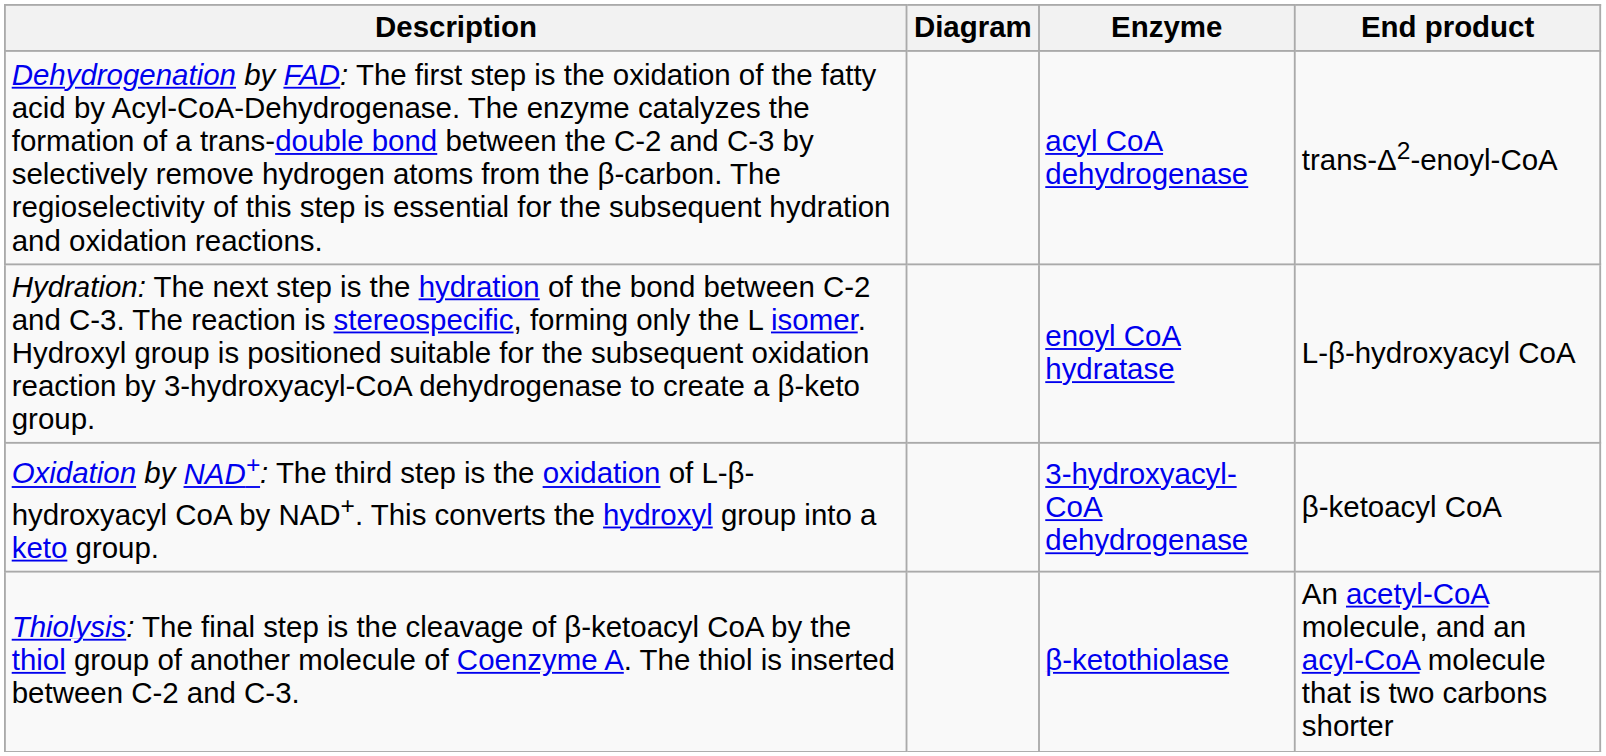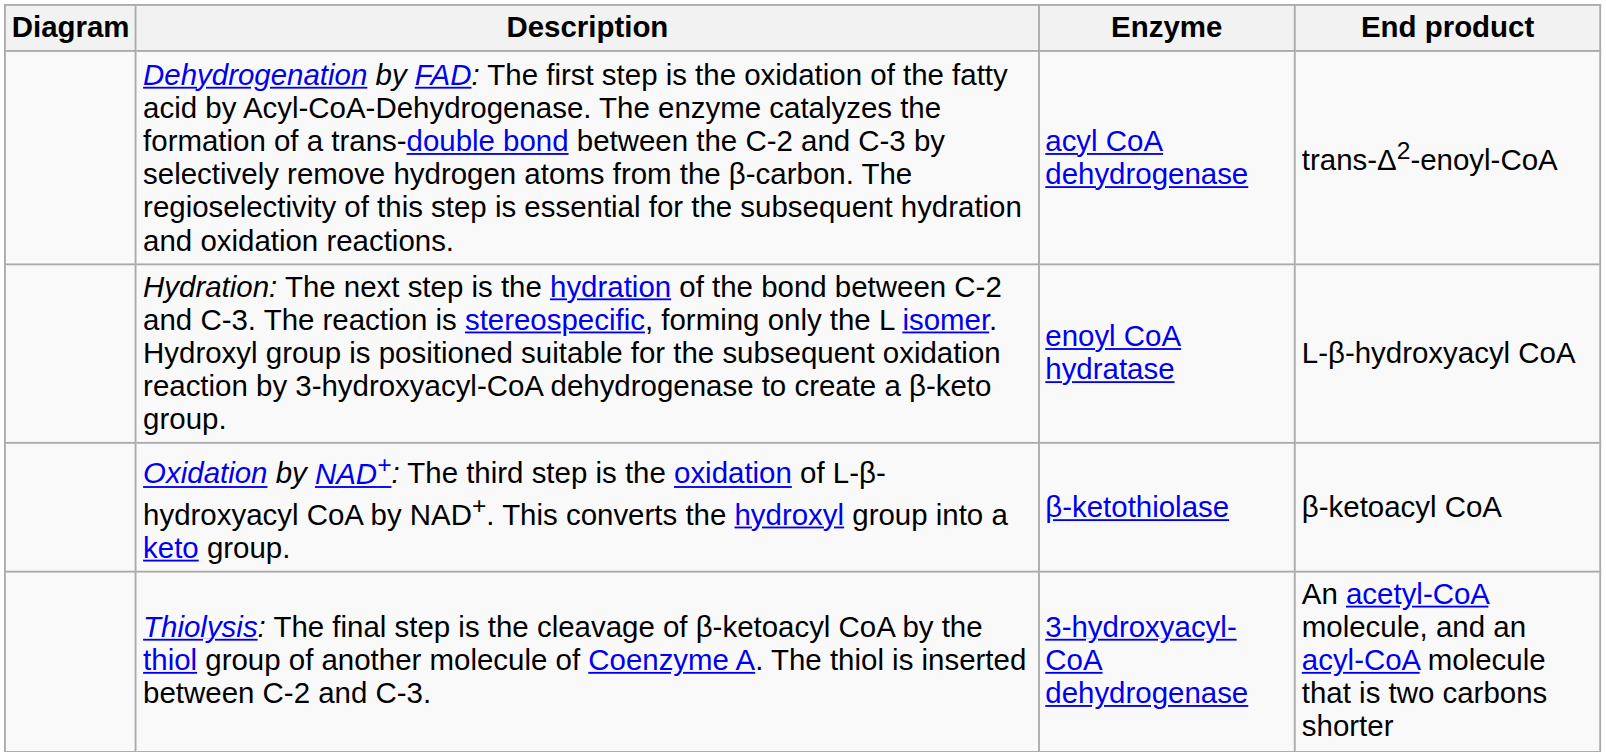 <table class="wikitable">
 <tr>
+<th>Diagram</th>
 <th>Description</th>
-<th>Diagram</th>
 <th>Enzyme</th>
 <th>End product</th>
 </tr>
 <tr>
+<td></td>
 <td><em><a href='#'>Dehydrogenation</a> by <a href='#'>FAD</a>:</em> The first step is the oxidation of the fatty acid by Acyl-CoA-Dehydrogenase. The enzyme catalyzes the formation of a trans-<a href='#'>double bond</a> between the C-2 and C-3 by selectively remove hydrogen atoms from the β-carbon. The regioselectivity of this step is essential for the subsequent hydration and oxidation reactions.</td>
-<td></td>
 <td><a href='#'>acyl CoA dehydrogenase</a></td>
 <td>trans-Δ<sup>2</sup>-enoyl-CoA</td>
 </tr>
 <tr>
+<td></td>
 <td><em>Hydration:</em> The next step is the <a href='#'>hydration</a> of the bond between C-2 and C-3. The reaction is <a href='#'>stereospecific</a>, forming only the L <a href='#'>isomer</a>.  Hydroxyl group is positioned suitable for the subsequent oxidation reaction by 3-hydroxyacyl-CoA dehydrogenase to create a β-keto group.</td>
-<td></td>
 <td><a href='#'>enoyl CoA hydratase</a></td>
 <td>L-β-hydroxyacyl CoA</td>
 </tr>
 <tr>
+<td></td>
 <td><em><a href='#'>Oxidation</a> by <a href='#'>NAD<sup>+</sup></a>:</em> The third step is the <a href='#'>oxidation</a> of L-β-hydroxyacyl CoA by NAD<sup>+</sup>. This converts the <a href='#'>hydroxyl</a> group into a <a href='#'>keto</a> group.</td>
-<td></td>
-<td><a href='#'>3-hydroxyacyl-CoA dehydrogenase</a></td>
+<td><a href='#'>β-ketothiolase</a></td>
 <td>β-ketoacyl CoA</td>
 </tr>
 <tr>
+<td></td>
 <td><em><a href='#'>Thiolysis</a>:</em> The final step is the cleavage of β-ketoacyl CoA by the <a href='#'>thiol</a> group of another molecule of <a href='#'>Coenzyme A</a>. The thiol is inserted between C-2 and C-3.</td>
-<td></td>
-<td><a href='#'>β-ketothiolase</a></td>
+<td><a href='#'>3-hydroxyacyl-CoA dehydrogenase</a></td>
 <td>An <a href='#'>acetyl-CoA</a> molecule, and an <a href='#'>acyl-CoA</a> molecule that is two carbons shorter</td>
 </tr>
 </table>
